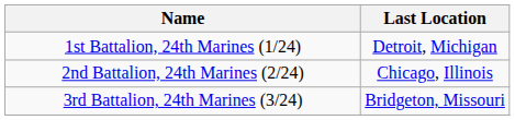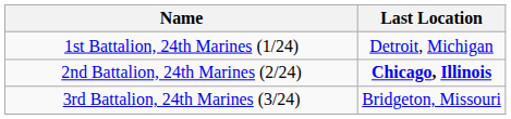 <table class="wikitable" style="text-align: center;">
 <tr>
 <th style="width:20em">Name</th>
 <th>Last Location</th>
 </tr>
 <tr>
 <td align="center"><a href='#'>1st Battalion, 24th Marines</a> (1/24)</td>
 <td><a href='#'>Detroit</a>, <a href='#'>Michigan</a></td>
 </tr>
 <tr>
 <td align="center"><a href='#'>2nd Battalion, 24th Marines</a> (2/24)</td>
-<td><a href='#'>Chicago</a>, <a href='#'>Illinois</a></td>
+<td><strong><a href='#'>Chicago</a>, <a href='#'>Illinois</a></strong></td>
 </tr>
 <tr>
 <td align="center"><a href='#'>3rd Battalion, 24th Marines</a> (3/24)</td>
 <td><a href='#'>Bridgeton, Missouri</a></td>
 </tr>
 <tr>
 </tr>
 </table>
